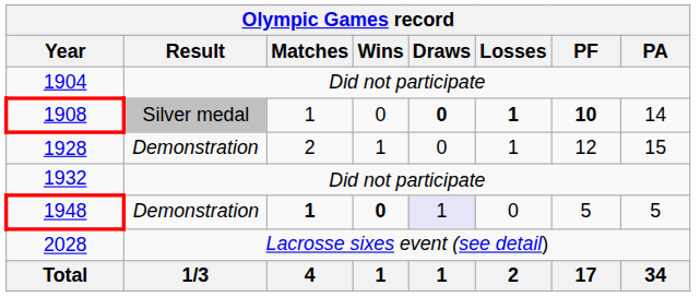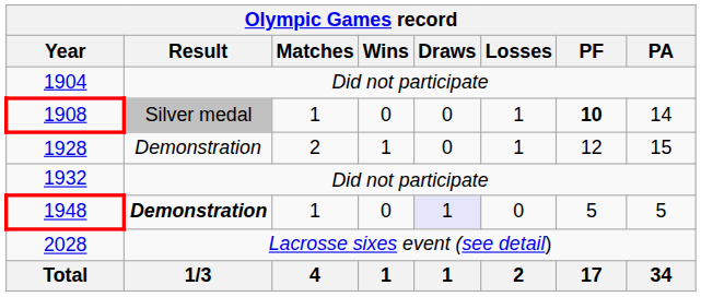 <table class="wikitable"  style="text-align:center;">
 <tr>
 <th colspan=8><strong><a href='#'>Olympic Games</a> record</strong></th>
 </tr>
 <tr>
 <th width=90>Year</th>
 <th width=110>Result</th>
 <th>Matches</th>
 <th>Wins</th>
 <th>Draws</th>
 <th>Losses</th>
 <th width=50>PF</th>
 <th width=50>PA</th>
 </tr>
 <tr>
 <td> <a href='#'>1904</a></td>
 <td colspan=7><em>Did not participate</em></td>
 </tr>
 <tr>
 <td style="border: 3px solid red"> <a href='#'>1908</a></td>
 <td style="background:silver;">Silver medal</td>
 <td>1</td>
 <td>0</td>
-<td><strong>0</strong></td>
-<td><strong>1</strong></td>
+<td>0</td>
+<td>1</td>
 <td><strong>10</strong></td>
 <td>14</td>
 </tr>
 <tr>
 <td> <a href='#'>1928</a></td>
 <td><em>Demonstration</em></td>
 <td>2</td>
 <td>1</td>
 <td>0</td>
 <td>1</td>
 <td>12</td>
 <td>15</td>
 </tr>
 <tr>
 <td> <a href='#'>1932</a></td>
 <td colspan=7><em>Did not participate</em></td>
 </tr>
 <tr>
 <td style="border: 3px solid red"> <a href='#'>1948</a></td>
-<td><em>Demonstration</em></td>
-<td><strong>1</strong></td>
-<td><strong>0</strong></td>
+<td><strong><em>Demonstration</em></strong></td>
+<td>1</td>
+<td>0</td>
 <td style="background: lavender;">1</td>
 <td>0</td>
 <td>5</td>
 <td>5</td>
 </tr>
 <tr>
 <td> <a href='#'>2028</a></td>
 <td colspan=8><em><a href='#'>Lacrosse sixes</a> event (<a href='#'>see detail</a></em>)</td>
 </tr>
 <tr>
 <th>Total</th>
 <th>1/3</th>
 <th>4</th>
 <th>1</th>
 <th>1</th>
 <th>2</th>
 <th>17</th>
 <th>34</th>
 </tr>
 </table>
